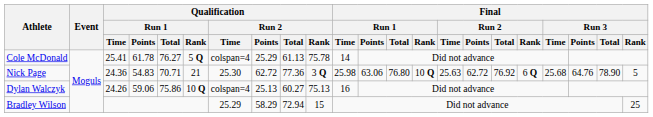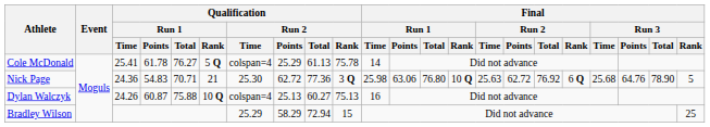 <table class=wikitable style=font-size:90%;text-align:center>
 <tr>
 <th rowspan=3>Athlete</th>
 <th rowspan=3>Event</th>
 <th colspan=8>Qualification</th>
 <th colspan=12>Final</th>
 </tr>
 <tr style=font-size:95%>
 <th colspan=4>Run 1</th>
 <th colspan=4>Run 2</th>
 <th colspan=4>Run 1</th>
 <th colspan=4>Run 2</th>
 <th colspan=4>Run 3</th>
 </tr>
 <tr style=font-size:95%>
 <th>Time</th>
 <th>Points</th>
 <th>Total</th>
 <th>Rank</th>
 <th>Time</th>
 <th>Points</th>
 <th>Total</th>
 <th>Rank</th>
 <th>Time</th>
 <th>Points</th>
 <th>Total</th>
 <th>Rank</th>
 <th>Time</th>
 <th>Points</th>
 <th>Total</th>
 <th>Rank</th>
 <th>Time</th>
 <th>Points</th>
 <th>Total</th>
 <th>Rank</th>
 </tr>
 <tr>
 <td align=left><a href='#'>Cole McDonald</a></td>
 <td align=left rowspan=4><a href='#'>Moguls</a></td>
 <td>25.41</td>
 <td>61.78</td>
 <td>76.27</td>
 <td>5 <strong>Q</strong></td>
 <td>colspan=4 </td>
 <td>25.29</td>
 <td>61.13</td>
 <td>75.78</td>
 <td>14</td>
 <td colspan=8>Did not advance</td>
 </tr>
 <tr>
 <td align=left><a href='#'>Nick Page</a></td>
 <td>24.36</td>
 <td>54.83</td>
 <td>70.71</td>
 <td>21</td>
 <td>25.30</td>
 <td>62.72</td>
 <td>77.36</td>
 <td>3 <strong>Q</strong></td>
 <td>25.98</td>
 <td>63.06</td>
 <td>76.80</td>
 <td>10 <strong>Q</strong></td>
 <td>25.63</td>
 <td>62.72</td>
 <td>76.92</td>
 <td>6 <strong>Q</strong></td>
 <td>25.68</td>
 <td>64.76</td>
 <td>78.90</td>
 <td>5</td>
 </tr>
 <tr>
 <td align=left><a href='#'>Dylan Walczyk</a></td>
 <td>24.26</td>
-<td>59.06</td>
-<td>75.86</td>
+<td>60.87</td>
+<td>75.88</td>
 <td>10 <strong>Q</strong></td>
 <td>colspan=4 </td>
 <td>25.13</td>
 <td>60.27</td>
 <td>75.13</td>
 <td>16</td>
 <td colspan=8>Did not advance</td>
 </tr>
 <tr>
 <td align=left><a href='#'>Bradley Wilson</a></td>
 <td colspan=4></td>
 <td>25.29</td>
 <td>58.29</td>
 <td>72.94</td>
 <td>15</td>
 <td colspan=11>Did not advance</td>
 <td>25</td>
 </tr>
 </table>
